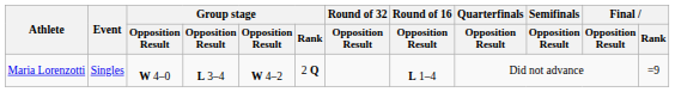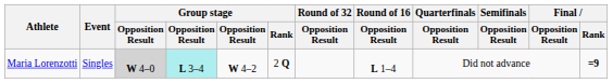 <table class="wikitable" style="font-size:90%">
 <tr>
 <th rowspan=2>Athlete</th>
 <th rowspan=2>Event</th>
 <th colspan=4>Group stage</th>
 <th>Round of 32</th>
 <th>Round of 16</th>
 <th>Quarterfinals</th>
 <th>Semifinals</th>
 <th colspan=2>Final / </th>
 </tr>
 <tr style="font-size:95%">
 <th>Opposition<br>Result</th>
 <th>Opposition<br>Result</th>
 <th>Opposition<br>Result</th>
 <th>Rank</th>
 <th>Opposition<br>Result</th>
 <th>Opposition<br>Result</th>
 <th>Opposition<br>Result</th>
 <th>Opposition<br>Result</th>
 <th>Opposition<br>Result</th>
 <th>Rank</th>
 </tr>
 <tr align=center>
 <td align=left><a href='#'>Maria Lorenzotti</a></td>
 <td align=left><a href='#'>Singles</a></td>
-<td><br><strong>W</strong> 4–0</td>
-<td><br><strong>L</strong> 3–4</td>
+<td style="background: lightgrey;"><br><strong>W</strong> 4–0</td>
+<td style="background: paleturquoise;"><br><strong>L</strong> 3–4</td>
 <td><br><strong>W</strong> 4–2</td>
 <td>2 <strong>Q</strong></td>
 <td></td>
 <td><br><strong>L</strong> 1–4</td>
 <td colspan=3>Did not advance</td>
-<td>=9</td>
+<td><strong>=9</strong></td>
 </tr>
 </table>
